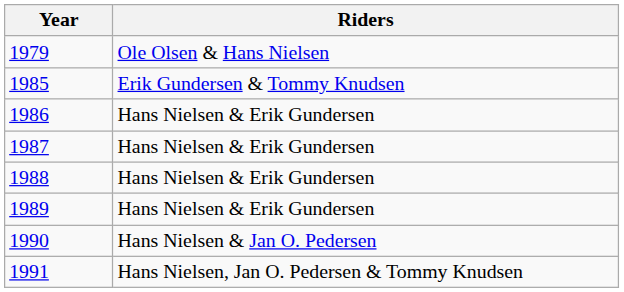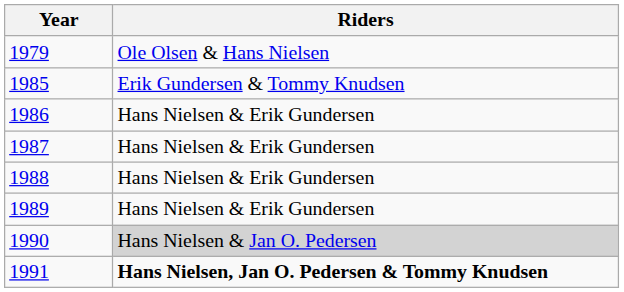 <table class="wikitable">
 <tr>
 <th width="80">Year</th>
 <th width="400">Riders</th>
 </tr>
 <tr>
 <td><a href='#'>1979</a></td>
 <td><a href='#'>Ole Olsen</a> & <a href='#'>Hans Nielsen</a></td>
 </tr>
 <tr>
 <td><a href='#'>1985</a></td>
 <td><a href='#'>Erik Gundersen</a> & <a href='#'>Tommy Knudsen</a></td>
 </tr>
 <tr>
 <td><a href='#'>1986</a></td>
 <td>Hans Nielsen & Erik Gundersen</td>
 </tr>
 <tr>
 <td><a href='#'>1987</a></td>
 <td>Hans Nielsen & Erik Gundersen</td>
 </tr>
 <tr>
 <td><a href='#'>1988</a></td>
 <td>Hans Nielsen & Erik Gundersen</td>
 </tr>
 <tr>
 <td><a href='#'>1989</a></td>
 <td>Hans Nielsen & Erik Gundersen</td>
 </tr>
 <tr>
 <td><a href='#'>1990</a></td>
-<td>Hans Nielsen & <a href='#'>Jan O. Pedersen</a></td>
+<td style="background: lightgrey;">Hans Nielsen & <a href='#'>Jan O. Pedersen</a></td>
 </tr>
 <tr>
 <td><a href='#'>1991</a></td>
-<td>Hans Nielsen, Jan O. Pedersen & Tommy Knudsen</td>
+<td><strong>Hans Nielsen, Jan O. Pedersen & Tommy Knudsen</strong></td>
 </tr>
 </table>
